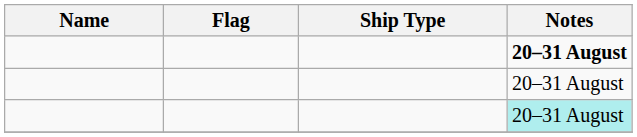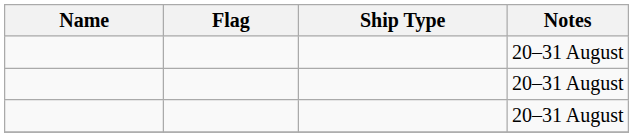 <table class="wikitable sortable">
 <tr>
 <th scope="col" width="120px">Name</th>
 <th scope="col" width="100px">Flag</th>
 <th scope="col" width="160px">Ship Type</th>
 <th>Notes</th>
 </tr>
 <tr>
 <td></td>
 <td></td>
 <td></td>
-<td><strong>20–31 August</strong></td>
+<td>20–31 August</td>
 </tr>
 <tr>
 <td></td>
 <td></td>
 <td></td>
 <td>20–31 August</td>
 </tr>
 <tr>
 <td></td>
 <td></td>
 <td></td>
-<td style="background: paleturquoise;">20–31 August</td>
+<td>20–31 August</td>
 </tr>
 <tr>
 </tr>
 </table>
